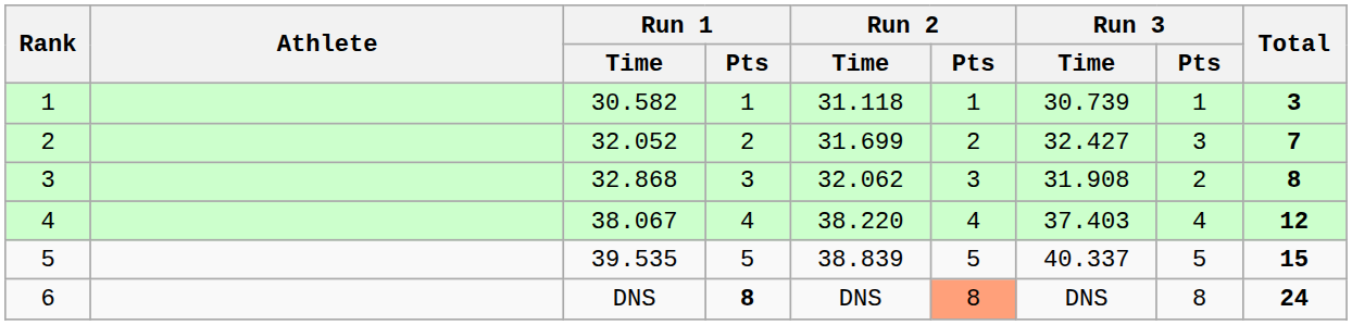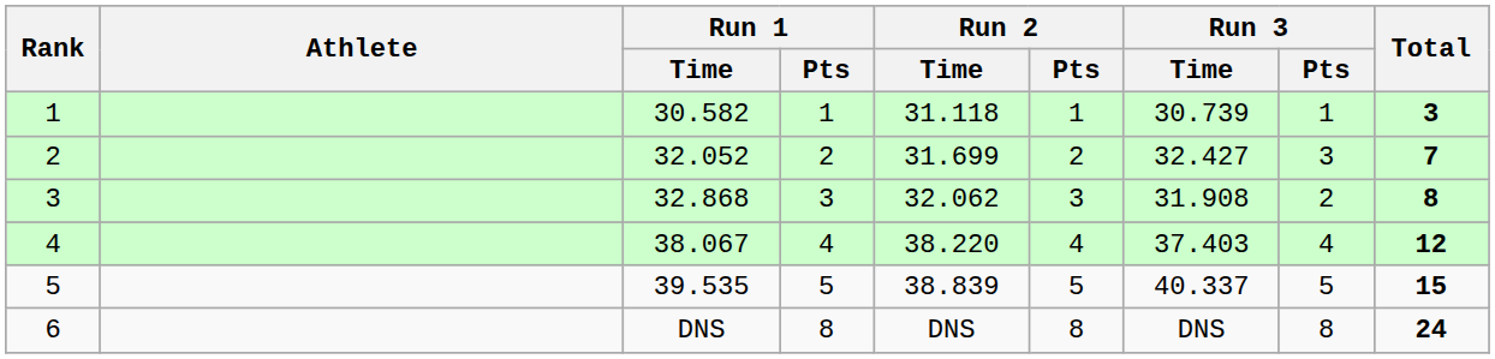 <table class=wikitable style="text-align:center">
 <tr>
 <th rowspan="2" width=40>Rank</th>
 <th rowspan="2" width=250>Athlete</th>
 <th colspan="2">Run 1</th>
 <th colspan="2">Run 2</th>
 <th colspan="2">Run 3</th>
 <th rowspan="2" width=50>Total</th>
 </tr>
 <tr>
 <th width=70>Time</th>
 <th width=40>Pts</th>
 <th width=70>Time</th>
 <th width=40>Pts</th>
 <th width=70>Time</th>
 <th width=40>Pts</th>
 </tr>
 <tr bgcolor="ccffcc">
 <td>1</td>
 <td align=left></td>
 <td>30.582</td>
 <td>1</td>
 <td>31.118</td>
 <td>1</td>
 <td>30.739</td>
 <td>1</td>
 <td><strong>3</strong></td>
 </tr>
 <tr bgcolor="ccffcc">
 <td>2</td>
 <td align=left></td>
 <td>32.052</td>
 <td>2</td>
 <td>31.699</td>
 <td>2</td>
 <td>32.427</td>
 <td>3</td>
 <td><strong>7</strong></td>
 </tr>
 <tr bgcolor="ccffcc">
 <td>3</td>
 <td align=left></td>
 <td>32.868</td>
 <td>3</td>
 <td>32.062</td>
 <td>3</td>
 <td>31.908</td>
 <td>2</td>
 <td><strong>8</strong></td>
 </tr>
 <tr bgcolor="ccffcc">
 <td>4</td>
 <td align=left></td>
 <td>38.067</td>
 <td>4</td>
 <td>38.220</td>
 <td>4</td>
 <td>37.403</td>
 <td>4</td>
 <td><strong>12</strong></td>
 </tr>
 <tr>
 <td>5</td>
 <td align=left></td>
 <td>39.535</td>
 <td>5</td>
 <td>38.839</td>
 <td>5</td>
 <td>40.337</td>
 <td>5</td>
 <td><strong>15</strong></td>
 </tr>
 <tr>
 <td>6</td>
 <td align=left></td>
 <td>DNS</td>
-<td><strong>8</strong></td>
+<td>8</td>
 <td>DNS</td>
-<td style="background: lightsalmon;">8</td>
+<td>8</td>
 <td>DNS</td>
 <td>8</td>
 <td><strong>24</strong></td>
 </tr>
 </table>
